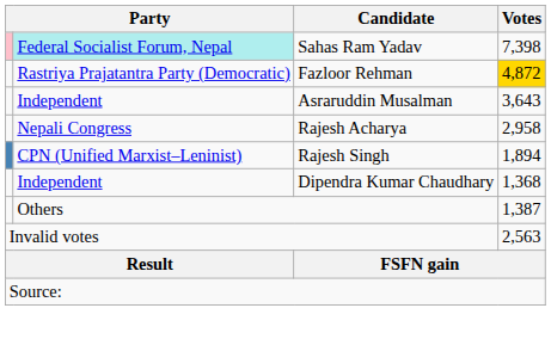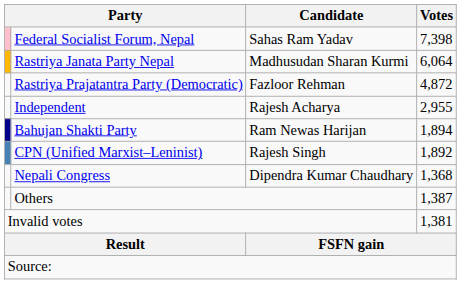 <table class="wikitable">
 <tr>
 <th colspan="2">Party</th>
 <th>Candidate</th>
 <th>Votes</th>
 </tr>
 <tr>
 <td style="background-color:pink"></td>
-<td style="background: paleturquoise;"><a href='#'>Federal Socialist Forum, Nepal</a></td>
+<td><a href='#'>Federal Socialist Forum, Nepal</a></td>
 <td>Sahas Ram Yadav</td>
 <td>7,398</td>
+</tr>
+<tr>
+<td style="background-color:#ffb700"></td>
+<td><a href='#'>Rastriya Janata Party Nepal</a></td>
+<td>Madhusudan Sharan Kurmi</td>
+<td>6,064</td>
 </tr>
 <tr>
 <td style="background-color:"></td>
 <td><a href='#'>Rastriya Prajatantra Party (Democratic)</a></td>
 <td>Fazloor Rehman</td>
-<td style="background: gold;">4,872</td>
+<td>4,872</td>
 </tr>
 <tr>
 <td style="background-color:"></td>
 <td><a href='#'>Independent</a></td>
-<td>Asraruddin Musalman</td>
-<td>3,643</td>
+<td>Rajesh Acharya</td>
+<td>2,955</td>
 </tr>
 <tr>
-<td style="background-color:"></td>
-<td><a href='#'>Nepali Congress</a></td>
-<td>Rajesh Acharya</td>
-<td>2,958</td>
+<td style="background-color:darkblue"></td>
+<td><a href='#'>Bahujan Shakti Party</a></td>
+<td>Ram Newas Harijan</td>
+<td>1,894</td>
 </tr>
 <tr>
 <td style="background-color:steelblue"></td>
 <td><a href='#'>CPN (Unified Marxist–Leninist)</a></td>
 <td>Rajesh Singh</td>
-<td>1,894</td>
+<td>1,892</td>
 </tr>
 <tr>
 <td style="background-color:"></td>
-<td><a href='#'>Independent</a></td>
+<td><a href='#'>Nepali Congress</a></td>
 <td>Dipendra Kumar Chaudhary</td>
 <td>1,368</td>
 </tr>
 <tr>
 <td></td>
 <td colspan="2">Others</td>
 <td>1,387</td>
 </tr>
 <tr>
 <td colspan="3">Invalid votes</td>
-<td>2,563</td>
+<td>1,381</td>
 </tr>
 <tr>
 <th colspan="2">Result</th>
 <th colspan="2">FSFN gain</th>
 </tr>
 <tr>
 <td colspan="4">Source: </td>
 </tr>
 </table>
